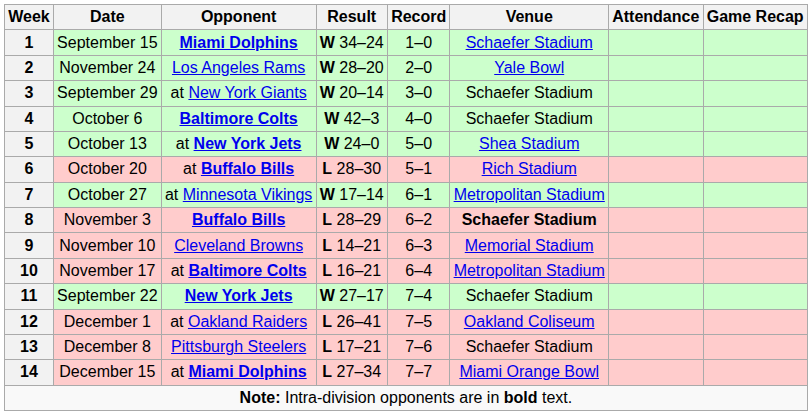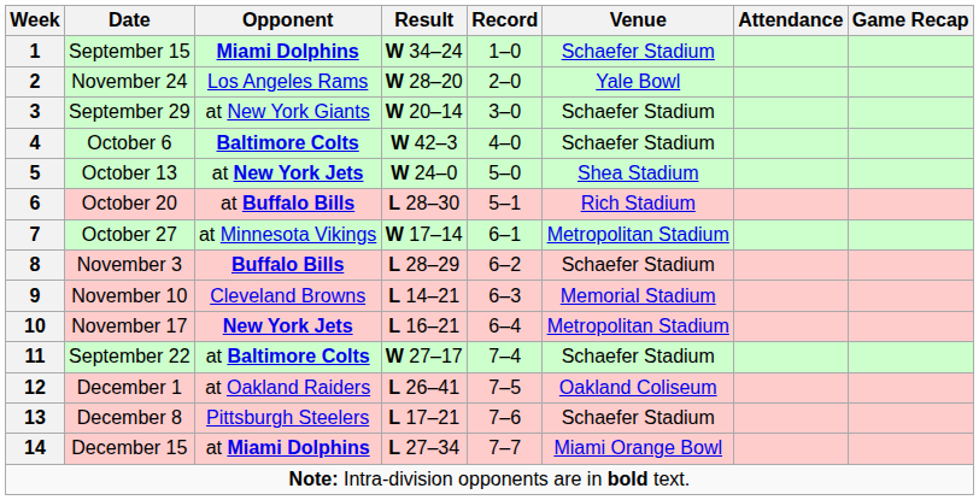 <table class="wikitable" style="text-align:center">
 <tr>
 <th>Week</th>
 <th>Date</th>
 <th>Opponent</th>
 <th>Result</th>
 <th>Record</th>
 <th>Venue</th>
 <th>Attendance</th>
 <th>Game Recap</th>
 </tr>
 <tr style="background:#cfc">
 <th>1</th>
 <td>September 15</td>
 <td><strong><a href='#'>Miami Dolphins</a></strong></td>
 <td><strong>W</strong> 34–24</td>
 <td>1–0</td>
 <td><a href='#'>Schaefer Stadium</a></td>
 <td></td>
 <td></td>
 </tr>
 <tr style="background:#cfc">
 <th>2</th>
 <td>November 24</td>
 <td><a href='#'>Los Angeles Rams</a></td>
 <td><strong>W</strong> 28–20</td>
 <td>2–0</td>
 <td><a href='#'>Yale Bowl</a></td>
 <td></td>
 <td></td>
 </tr>
 <tr style="background:#cfc">
 <th>3</th>
 <td>September 29</td>
 <td>at <a href='#'>New York Giants</a></td>
 <td><strong>W</strong> 20–14</td>
 <td>3–0</td>
 <td>Schaefer Stadium</td>
 <td></td>
 <td></td>
 </tr>
 <tr style="background:#cfc">
 <th>4</th>
 <td>October 6</td>
 <td><strong><a href='#'>Baltimore Colts</a></strong></td>
 <td><strong>W</strong> 42–3</td>
 <td>4–0</td>
 <td>Schaefer Stadium</td>
 <td></td>
 <td></td>
 </tr>
 <tr style="background:#cfc">
 <th>5</th>
 <td>October 13</td>
 <td>at <strong><a href='#'>New York Jets</a></strong></td>
 <td><strong>W</strong> 24–0</td>
 <td>5–0</td>
 <td><a href='#'>Shea Stadium</a></td>
 <td></td>
 <td></td>
 </tr>
 <tr style="background:#fcc">
 <th>6</th>
 <td>October 20</td>
 <td>at <strong><a href='#'>Buffalo Bills</a></strong></td>
 <td><strong>L</strong> 28–30</td>
 <td>5–1</td>
 <td><a href='#'>Rich Stadium</a></td>
 <td></td>
 <td></td>
 </tr>
 <tr style="background:#cfc">
 <th>7</th>
 <td>October 27</td>
 <td>at <a href='#'>Minnesota Vikings</a></td>
 <td><strong>W</strong> 17–14</td>
 <td>6–1</td>
 <td><a href='#'>Metropolitan Stadium</a></td>
 <td></td>
 <td></td>
 </tr>
 <tr style="background:#fcc">
 <th>8</th>
 <td>November 3</td>
 <td><strong><a href='#'>Buffalo Bills</a></strong></td>
 <td><strong>L</strong> 28–29</td>
 <td>6–2</td>
-<td><strong>Schaefer Stadium</strong></td>
+<td>Schaefer Stadium</td>
 <td></td>
 <td></td>
 </tr>
 <tr style="background:#fcc">
 <th>9</th>
 <td>November 10</td>
 <td><a href='#'>Cleveland Browns</a></td>
 <td><strong>L</strong> 14–21</td>
 <td>6–3</td>
 <td><a href='#'>Memorial Stadium</a></td>
 <td></td>
 <td></td>
 </tr>
 <tr style="background:#fcc">
 <th>10</th>
 <td>November 17</td>
-<td>at <strong><a href='#'>Baltimore Colts</a></strong></td>
+<td><strong><a href='#'>New York Jets</a></strong></td>
 <td><strong>L</strong> 16–21</td>
 <td>6–4</td>
 <td><a href='#'>Metropolitan Stadium</a></td>
 <td></td>
 <td></td>
 </tr>
 <tr style="background:#cfc">
 <th>11</th>
 <td>September 22</td>
-<td><strong><a href='#'>New York Jets</a></strong></td>
+<td>at <strong><a href='#'>Baltimore Colts</a></strong></td>
 <td><strong>W</strong> 27–17</td>
 <td>7–4</td>
 <td>Schaefer Stadium</td>
 <td></td>
 <td></td>
 </tr>
 <tr style="background:#fcc">
 <th>12</th>
 <td>December 1</td>
 <td>at <a href='#'>Oakland Raiders</a></td>
 <td><strong>L</strong> 26–41</td>
 <td>7–5</td>
 <td><a href='#'>Oakland Coliseum</a></td>
 <td></td>
 <td></td>
 </tr>
 <tr style="background:#fcc">
 <th>13</th>
 <td>December 8</td>
 <td><a href='#'>Pittsburgh Steelers</a></td>
 <td><strong>L</strong> 17–21</td>
 <td>7–6</td>
 <td>Schaefer Stadium</td>
 <td></td>
 <td></td>
 </tr>
 <tr style="background:#fcc">
 <th>14</th>
 <td>December 15</td>
 <td>at <strong><a href='#'>Miami Dolphins</a></strong></td>
 <td><strong>L</strong> 27–34</td>
 <td>7–7</td>
 <td><a href='#'>Miami Orange Bowl</a></td>
 <td></td>
 <td></td>
 </tr>
 <tr>
 <td colspan="8"><strong>Note:</strong> Intra-division opponents are in <strong>bold</strong> text.</td>
 </tr>
 </table>
